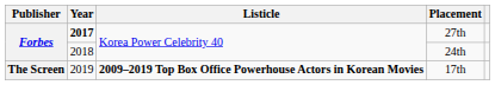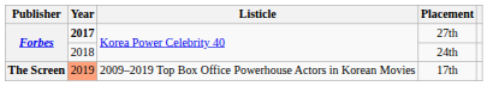 <table class="wikitable plainrowheaders sortable" style="margin-right: 0;">
 <tr>
 <th scope="col">Publisher</th>
 <th scope="col">Year</th>
 <th scope="col">Listicle</th>
 <th scope="col">Placement</th>
 <th scope="col" class="unsortable"></th>
 </tr>
 <tr>
 <th scope="row" rowspan="2"><em><a href='#'>Forbes</a></em></th>
 <td style="text-align:center"><strong>2017</strong></td>
 <td rowspan="2"><a href='#'>Korea Power Celebrity 40</a></td>
 <td style="text-align:center;">27th</td>
 <td style="text-align:center;"></td>
 </tr>
 <tr>
 <td style="text-align:center">2018</td>
 <td style="text-align:center;">24th</td>
 <td style="text-align:center;"></td>
 </tr>
 <tr>
 <th scope="row">The Screen</th>
-<td style="text-align:center">2019</td>
-<td><strong>2009–2019 Top Box Office Powerhouse Actors in Korean Movies</strong></td>
+<td style="background: lightsalmon; text-align:center">2019</td>
+<td>2009–2019 Top Box Office Powerhouse Actors in Korean Movies</td>
 <td style="text-align:center;">17th</td>
 <td style="text-align:center;"></td>
 </tr>
 </table>
